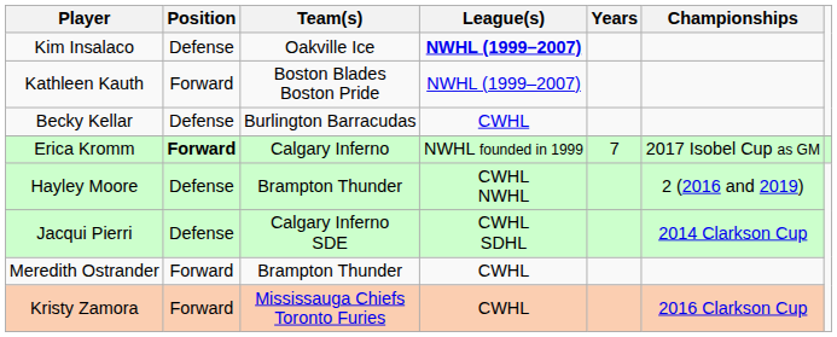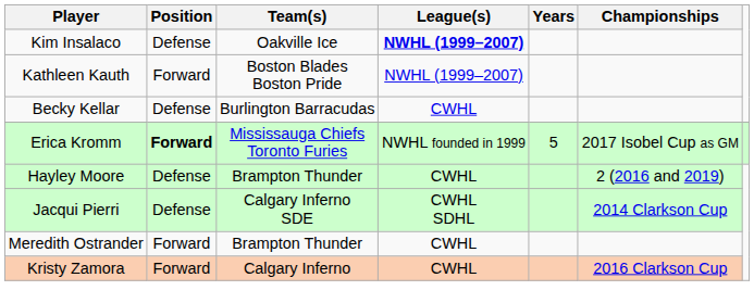 <table class="wikitable sortable">
 <tr>
 <th>Player</th>
 <th>Position</th>
 <th>Team(s)</th>
 <th>League(s)</th>
 <th>Years</th>
 <th>Championships</th>
 </tr>
 <tr align="center" bgcolor="">
 <td>Kim Insalaco</td>
 <td>Defense</td>
 <td>Oakville Ice</td>
 <td><strong><a href='#'>NWHL (1999–2007)</a></strong></td>
 <td></td>
 <td></td>
 </tr>
 <tr align="center" bgcolor="">
 <td>Kathleen Kauth</td>
 <td>Forward</td>
 <td>Boston Blades<br>Boston Pride</td>
 <td><a href='#'>NWHL (1999–2007)</a></td>
 <td></td>
 <td></td>
 </tr>
 <tr align="center" bgcolor="">
 <td>Becky Kellar</td>
 <td>Defense</td>
 <td>Burlington Barracudas</td>
 <td><a href='#'>CWHL</a></td>
 <td></td>
 <td></td>
 </tr>
 <tr align="center" bgcolor="CCFFCC">
 <td>Erica Kromm</td>
 <td><strong>Forward</strong></td>
-<td>Calgary Inferno</td>
+<td><a href='#'>Mississauga Chiefs</a><br><a href='#'>Toronto Furies</a></td>
 <td>NWHL <small>founded in 1999</small></td>
-<td>7</td>
+<td>5</td>
 <td>2017 Isobel Cup <small>as GM</small></td>
 <td></td>
 </tr>
 <tr align="center" bgcolor="CCFFCC">
 <td>Hayley Moore</td>
 <td>Defense</td>
 <td>Brampton Thunder</td>
-<td>CWHL<br>NWHL</td>
+<td>CWHL</td>
 <td></td>
 <td>2 (<a href='#'>2016</a> and <a href='#'>2019</a>)</td>
 </tr>
 <tr align="center" bgcolor="CCFFCC">
 <td>Jacqui Pierri</td>
 <td>Defense</td>
 <td>Calgary Inferno<br>SDE</td>
 <td>CWHL<br>SDHL</td>
 <td></td>
 <td><a href='#'>2014 Clarkson Cup</a></td>
 </tr>
 <tr align="center" bgcolor="">
 <td>Meredith Ostrander</td>
 <td>Forward</td>
 <td>Brampton Thunder</td>
 <td>CWHL</td>
 <td></td>
 <td></td>
 </tr>
 <tr align="center" bgcolor="FBCEB1">
 <td>Kristy Zamora</td>
 <td>Forward</td>
-<td><a href='#'>Mississauga Chiefs</a><br><a href='#'>Toronto Furies</a></td>
+<td>Calgary Inferno</td>
 <td>CWHL</td>
 <td></td>
 <td><a href='#'>2016 Clarkson Cup</a></td>
 </tr>
 </table>
